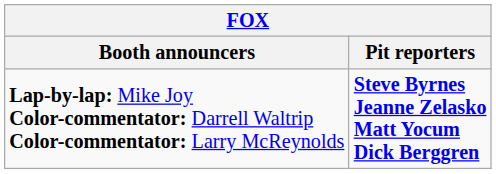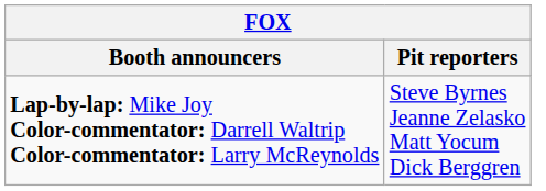 <table class="wikitable">
 <tr>
 <th colspan="2"><a href='#'>FOX</a></th>
 </tr>
 <tr>
 <th>Booth announcers</th>
 <th>Pit reporters</th>
 </tr>
 <tr>
 <td><strong>Lap-by-lap:</strong> <a href='#'>Mike Joy</a><br><strong>Color-commentator:</strong> <a href='#'>Darrell Waltrip</a><br><strong>Color-commentator:</strong> <a href='#'>Larry McReynolds</a></td>
-<td><strong><a href='#'>Steve Byrnes</a><br><a href='#'>Jeanne Zelasko</a><br><a href='#'>Matt Yocum</a><br><a href='#'>Dick Berggren</a></strong></td>
+<td><a href='#'>Steve Byrnes</a><br><a href='#'>Jeanne Zelasko</a><br><a href='#'>Matt Yocum</a><br><a href='#'>Dick Berggren</a></td>
 </tr>
 </table>
